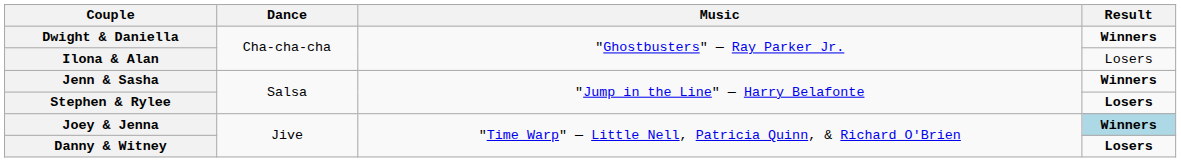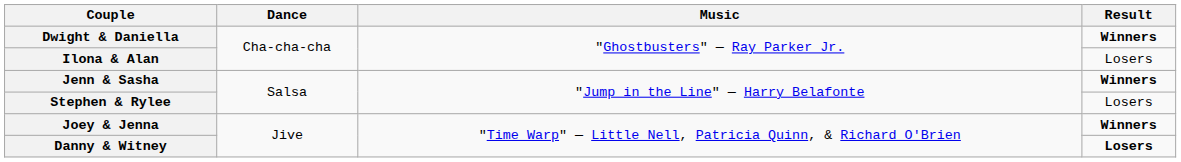 <table class="wikitable unsortable" style="text-align:center; width: 90%">
 <tr>
 <th scope="col">Couple</th>
 <th scope="col">Dance</th>
 <th scope="col">Music</th>
 <th scope="col">Result</th>
 </tr>
 <tr>
 <th scope="row">Dwight & Daniella</th>
 <td rowspan="2">Cha-cha-cha</td>
 <td rowspan="2">"<a href='#'>Ghostbusters</a>" — <a href='#'>Ray Parker Jr.</a></td>
 <td><strong>Winners</strong></td>
 </tr>
 <tr>
 <th scope="row">Ilona & Alan</th>
 <td>Losers</td>
 </tr>
 <tr>
 <th scope="row">Jenn & Sasha</th>
 <td rowspan="2">Salsa</td>
 <td rowspan="2">"<a href='#'>Jump in the Line</a>" — <a href='#'>Harry Belafonte</a></td>
 <td><strong>Winners</strong></td>
 </tr>
 <tr>
 <th scope="row">Stephen & Rylee</th>
-<td><strong>Losers</strong></td>
+<td>Losers</td>
 </tr>
 <tr>
 <th scope="row">Joey & Jenna</th>
 <td rowspan="2">Jive</td>
 <td rowspan="2">"<a href='#'>Time Warp</a>" — <a href='#'>Little Nell</a>, <a href='#'>Patricia Quinn</a>, & <a href='#'>Richard O'Brien</a></td>
-<td style="background: lightblue;"><strong>Winners</strong></td>
+<td><strong>Winners</strong></td>
 </tr>
 <tr>
 <th scope="row">Danny & Witney</th>
 <td><strong>Losers</strong></td>
 </tr>
 </table>
